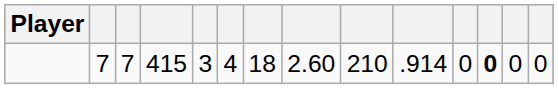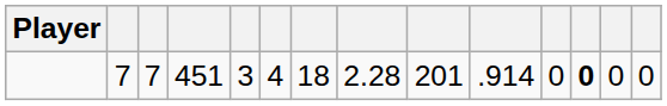 <table class="wikitable sortable" style="text-align:center;">
 <tr>
 <th>Player</th>
 <th></th>
 <th></th>
 <th></th>
 <th></th>
 <th></th>
 <th></th>
 <th></th>
 <th></th>
 <th></th>
 <th></th>
 <th></th>
 <th></th>
 <th></th>
 </tr>
 <tr>
 <td></td>
 <td>7</td>
 <td>7</td>
-<td>415</td>
+<td>451</td>
 <td>3</td>
 <td>4</td>
 <td>18</td>
-<td>2.60</td>
-<td>210</td>
+<td>2.28</td>
+<td>201</td>
 <td>.914</td>
 <td>0</td>
 <td><strong>0</strong></td>
 <td>0</td>
 <td>0</td>
 </tr>
 </table>
